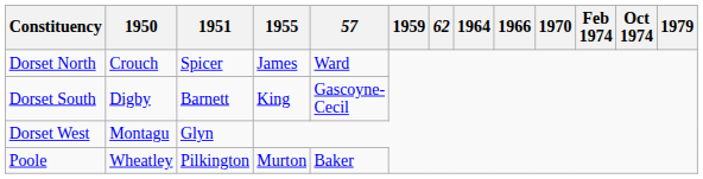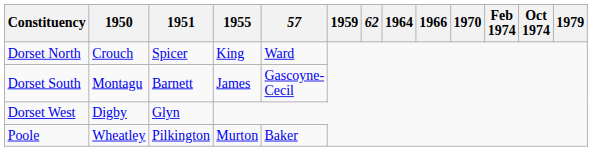 <table class="wikitable">
 <tr>
 <th>Constituency</th>
 <th>1950</th>
 <th>1951</th>
 <th>1955</th>
 <th><em>57</em></th>
 <th>1959</th>
 <th><em>62</em></th>
 <th>1964</th>
 <th>1966</th>
 <th>1970</th>
 <th>Feb 1974</th>
 <th>Oct 1974</th>
 <th>1979</th>
 </tr>
 <tr>
 <td><a href='#'>Dorset North</a></td>
 <td><a href='#'>Crouch</a></td>
 <td><a href='#'>Spicer</a></td>
-<td><a href='#'>James</a></td>
+<td><a href='#'>King</a></td>
 <td><a href='#'>Ward</a></td>
 </tr>
 <tr>
 <td><a href='#'>Dorset South</a></td>
-<td><a href='#'>Digby</a></td>
+<td><a href='#'>Montagu</a></td>
 <td><a href='#'>Barnett</a></td>
-<td><a href='#'>King</a></td>
+<td><a href='#'>James</a></td>
 <td><a href='#'>Gascoyne-Cecil</a></td>
 </tr>
 <tr>
 <td><a href='#'>Dorset West</a></td>
-<td><a href='#'>Montagu</a></td>
+<td><a href='#'>Digby</a></td>
 <td><a href='#'>Glyn</a></td>
 </tr>
 <tr>
 <td><a href='#'>Poole</a></td>
 <td><a href='#'>Wheatley</a></td>
 <td><a href='#'>Pilkington</a></td>
 <td><a href='#'>Murton</a></td>
 <td><a href='#'>Baker</a></td>
 </tr>
 </table>
